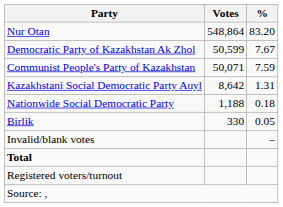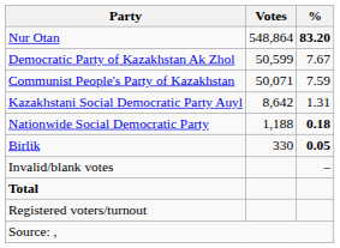 <table class=wikitable style=text-align:right>
 <tr>
 <th>Party</th>
 <th>Votes</th>
 <th>%</th>
 </tr>
 <tr>
 <td align=left><a href='#'>Nur Otan</a></td>
 <td>548,864</td>
-<td>83.20</td>
+<td><strong>83.20</strong></td>
 </tr>
 <tr>
 <td align=left><a href='#'>Democratic Party of Kazakhstan Ak Zhol</a></td>
 <td>50,599</td>
 <td>7.67</td>
 </tr>
 <tr>
 <td align=left><a href='#'>Communist People's Party of Kazakhstan</a></td>
 <td>50,071</td>
 <td>7.59</td>
 </tr>
 <tr>
 <td align=left><a href='#'>Kazakhstani Social Democratic Party Auyl</a></td>
 <td>8,642</td>
 <td>1.31</td>
 </tr>
 <tr>
 <td align=left><a href='#'>Nationwide Social Democratic Party</a></td>
 <td>1,188</td>
-<td>0.18</td>
+<td><strong>0.18</strong></td>
 </tr>
 <tr>
 <td align=left><a href='#'>Birlik</a></td>
 <td>330</td>
-<td>0.05</td>
+<td><strong>0.05</strong></td>
 </tr>
 <tr>
 <td align=left>Invalid/blank votes</td>
 <td></td>
 <td>–</td>
 </tr>
 <tr>
 <td align=left><strong>Total</strong></td>
 <td></td>
 <td></td>
 </tr>
 <tr>
 <td align=left>Registered voters/turnout</td>
 <td></td>
 <td></td>
 </tr>
 <tr>
 <td style="text-align:left;" colspan="5">Source: , </td>
 </tr>
 </table>
